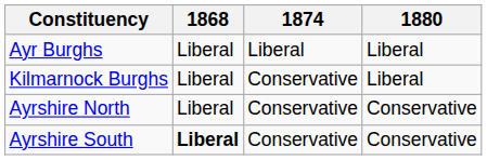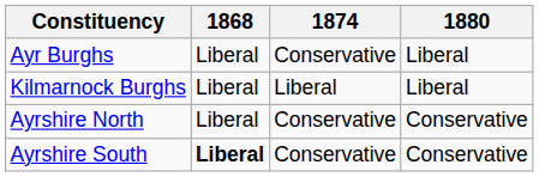 <table class="wikitable">
 <tr>
 <th>Constituency</th>
 <th>1868</th>
 <th>1874</th>
 <th>1880</th>
 </tr>
 <tr>
 <td><a href='#'>Ayr Burghs</a></td>
 <td>Liberal</td>
-<td>Liberal</td>
+<td>Conservative</td>
 <td>Liberal</td>
 </tr>
 <tr>
 <td><a href='#'>Kilmarnock Burghs</a></td>
 <td>Liberal</td>
-<td>Conservative</td>
+<td>Liberal</td>
 <td>Liberal</td>
 </tr>
 <tr>
 <td><a href='#'>Ayrshire North</a></td>
 <td>Liberal</td>
 <td>Conservative</td>
 <td>Conservative</td>
 </tr>
 <tr>
 <td><a href='#'>Ayrshire South</a></td>
 <td><strong>Liberal</strong></td>
 <td>Conservative</td>
 <td>Conservative</td>
 </tr>
 </table>
